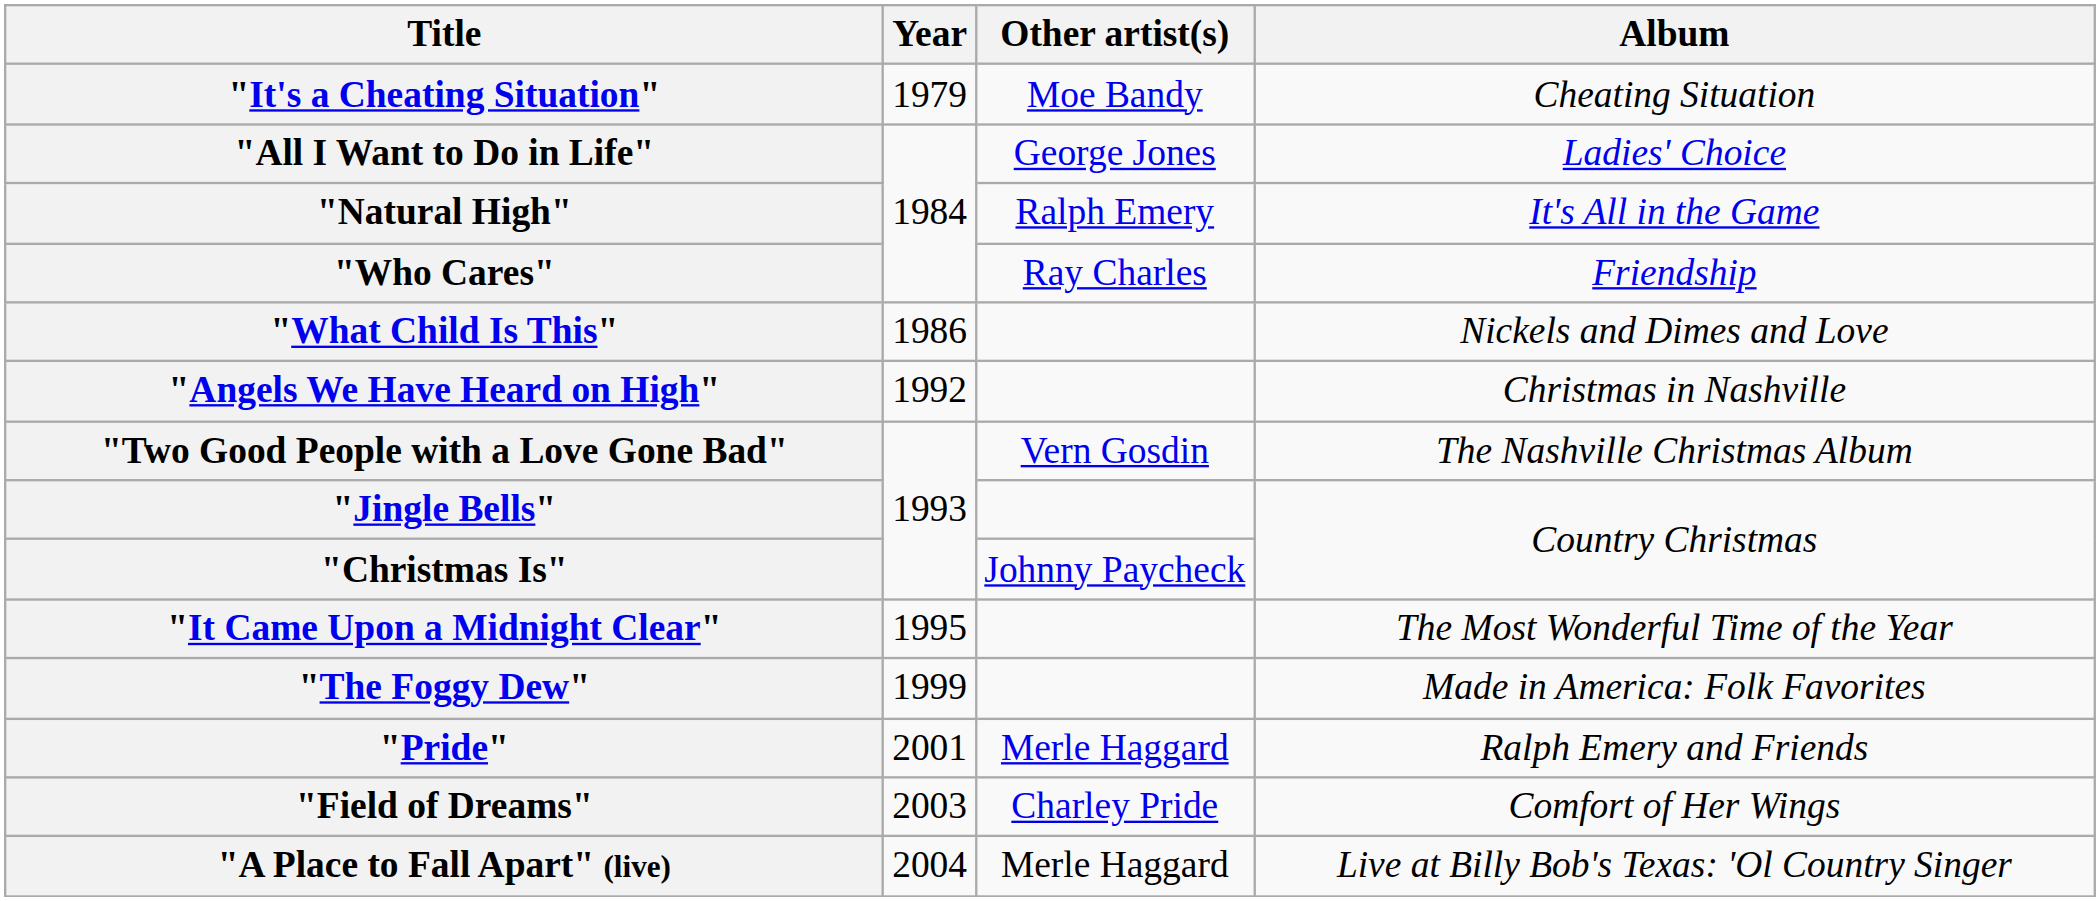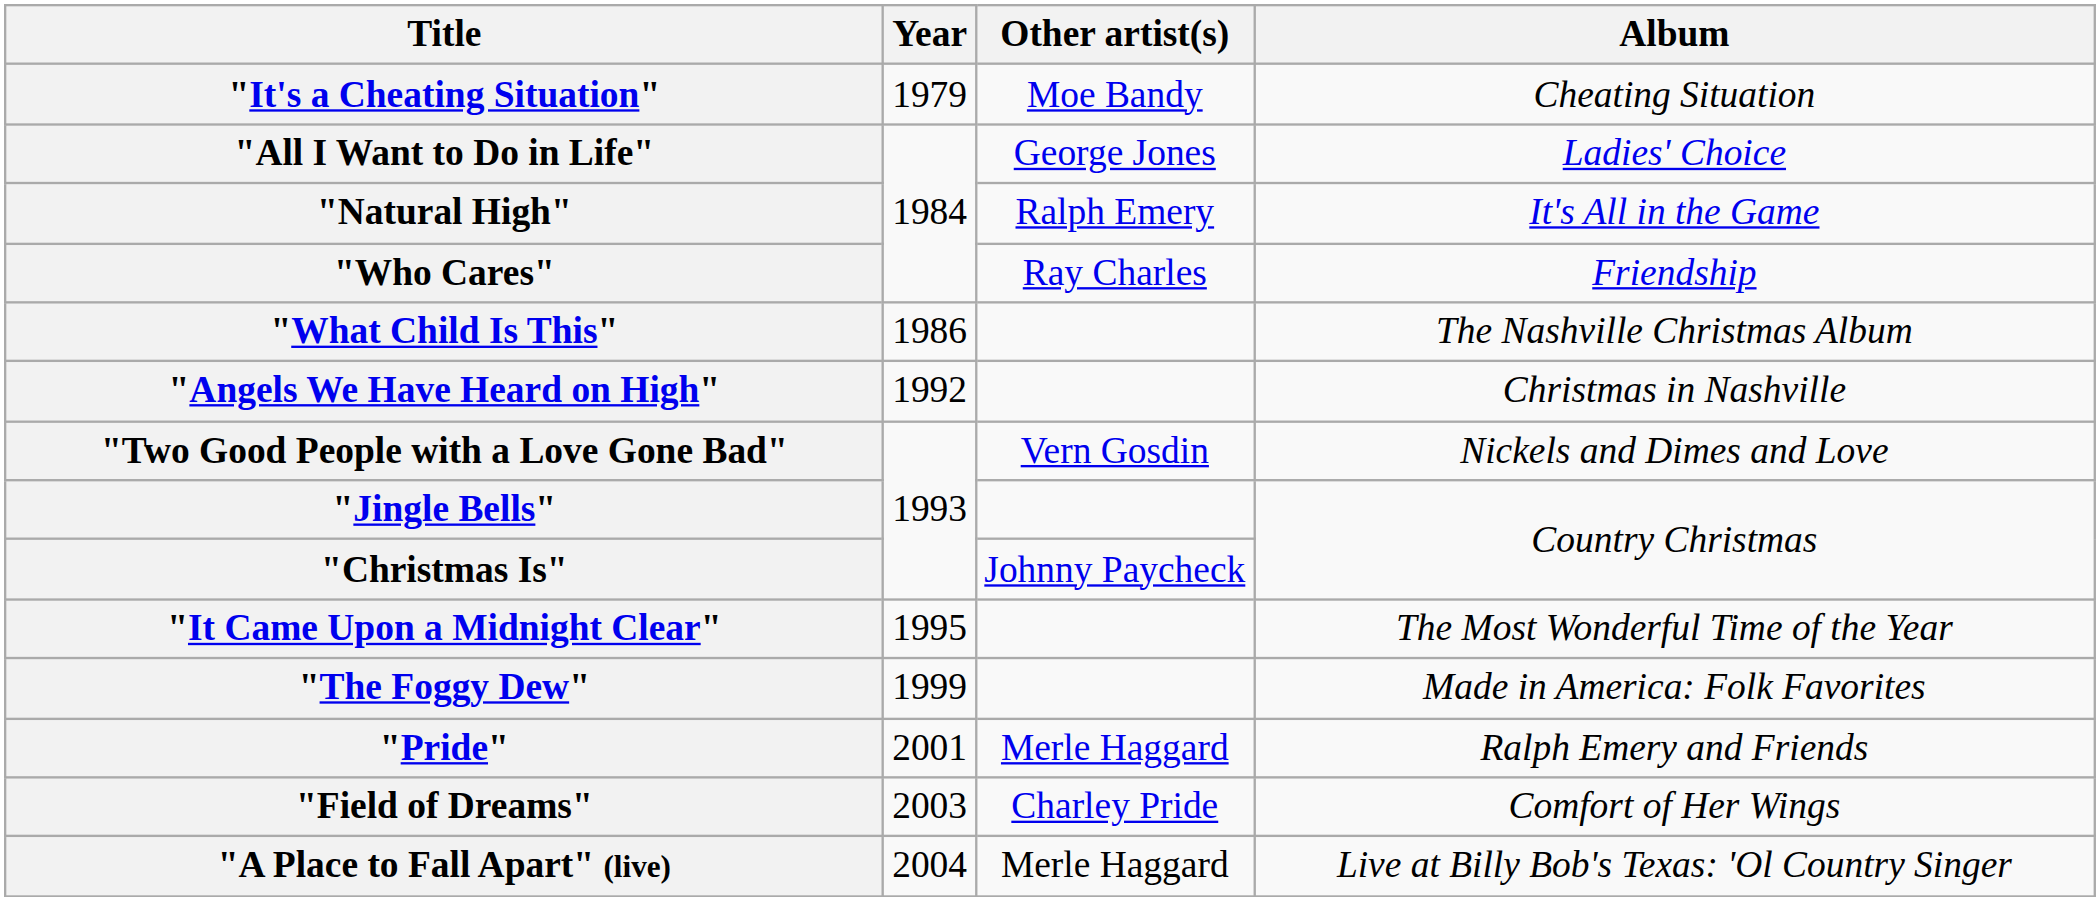 <table class="wikitable plainrowheaders" style="text-align:center;" border="1">
 <tr>
 <th scope="col" style="width:23em;">Title</th>
 <th scope="col">Year</th>
 <th scope="col">Other artist(s)</th>
 <th scope="col" style="width:22em;">Album</th>
 </tr>
 <tr>
 <th scope="row">"<a href='#'>It's a Cheating Situation</a>"</th>
 <td>1979</td>
 <td><a href='#'>Moe Bandy</a></td>
 <td><em>Cheating Situation</em></td>
 </tr>
 <tr>
 <th scope="row">"All I Want to Do in Life"</th>
 <td rowspan="3">1984</td>
 <td><a href='#'>George Jones</a></td>
 <td><em><a href='#'>Ladies' Choice</a></em></td>
 </tr>
 <tr>
 <th scope="row">"Natural High"</th>
 <td><a href='#'>Ralph Emery</a></td>
 <td><em><a href='#'>It's All in the Game</a></em></td>
 </tr>
 <tr>
 <th scope="row">"Who Cares"</th>
 <td><a href='#'>Ray Charles</a></td>
 <td><em><a href='#'>Friendship</a></em></td>
 </tr>
 <tr>
 <th scope="row">"<a href='#'>What Child Is This</a>"</th>
 <td>1986</td>
 <td></td>
-<td><em>Nickels and Dimes and Love</em></td>
+<td><em>The Nashville Christmas Album</em></td>
 </tr>
 <tr>
 <th scope="row">"<a href='#'>Angels We Have Heard on High</a>"</th>
 <td>1992</td>
 <td></td>
 <td><em>Christmas in Nashville</em></td>
 </tr>
 <tr>
 <th scope="row">"Two Good People with a Love Gone Bad"</th>
 <td rowspan="3">1993</td>
 <td><a href='#'>Vern Gosdin</a></td>
-<td><em>The Nashville Christmas Album</em></td>
+<td><em>Nickels and Dimes and Love</em></td>
 </tr>
 <tr>
 <th scope="row">"<a href='#'>Jingle Bells</a>"</th>
 <td></td>
 <td rowspan="2"><em>Country Christmas</em></td>
 </tr>
 <tr>
 <th scope="row">"Christmas Is"</th>
 <td><a href='#'>Johnny Paycheck</a></td>
 </tr>
 <tr>
 <th scope="row">"<a href='#'>It Came Upon a Midnight Clear</a>"</th>
 <td>1995</td>
 <td></td>
 <td><em>The Most Wonderful Time of the Year</em></td>
 </tr>
 <tr>
 <th scope="row">"<a href='#'>The Foggy Dew</a>"</th>
 <td>1999</td>
 <td></td>
 <td><em>Made in America: Folk Favorites</em></td>
 </tr>
 <tr>
 <th scope="row">"<a href='#'>Pride</a>"</th>
 <td>2001</td>
 <td><a href='#'>Merle Haggard</a></td>
 <td><em>Ralph Emery and Friends</em></td>
 </tr>
 <tr>
 <th scope="row">"Field of Dreams"</th>
 <td>2003</td>
 <td><a href='#'>Charley Pride</a></td>
 <td><em>Comfort of Her Wings</em></td>
 </tr>
 <tr>
 <th scope="row">"A Place to Fall Apart" <small>(live)</small></th>
 <td>2004</td>
 <td>Merle Haggard</td>
 <td><em>Live at Billy Bob's Texas: 'Ol Country Singer</em></td>
 </tr>
 <tr>
 </tr>
 </table>
